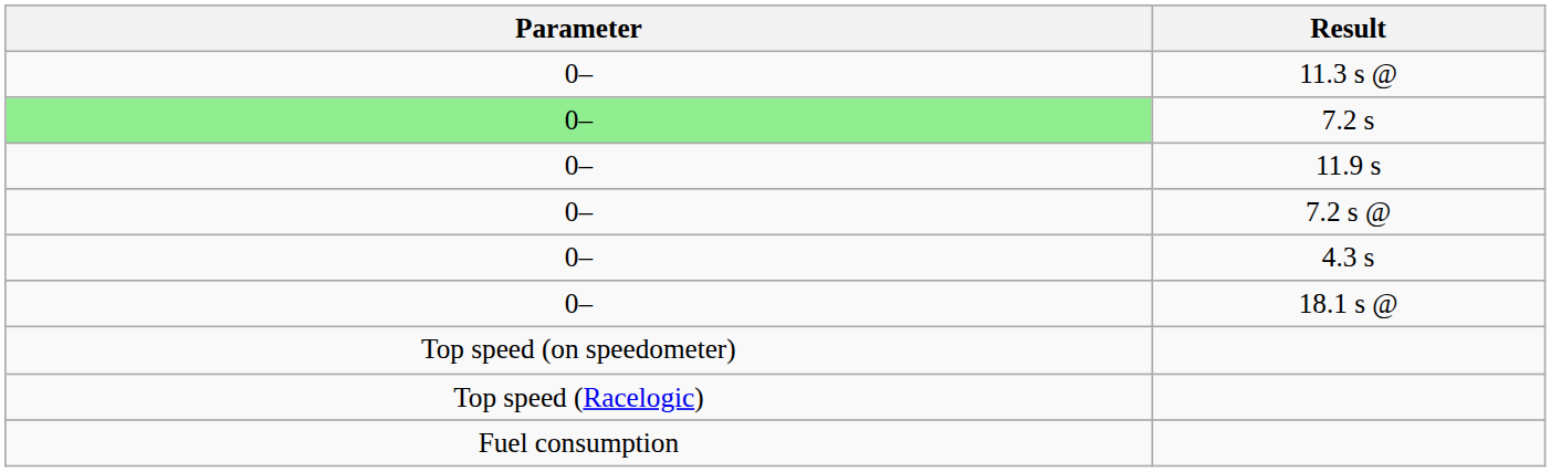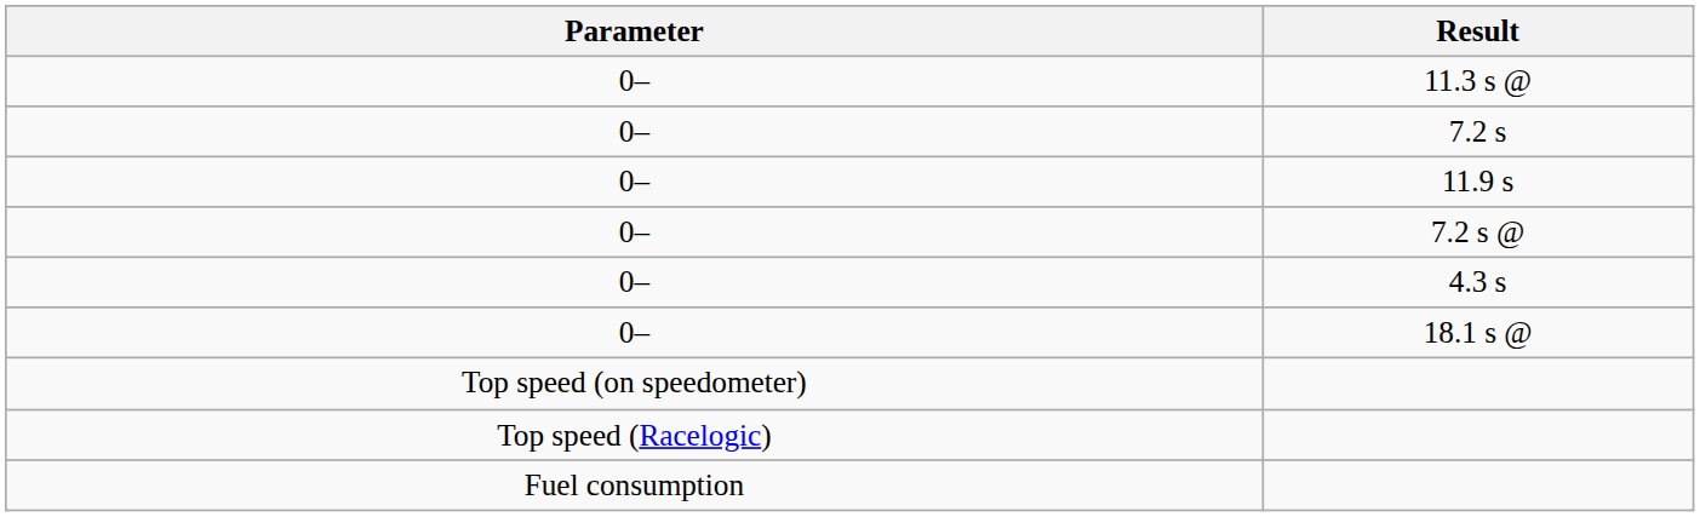 <table class="wikitable" style="width:95%; text-align:center; font-size: 95%;">
 <tr>
 <th>Parameter</th>
 <th>Result</th>
 </tr>
 <tr>
 <td>0–</td>
 <td>11.3 s @ </td>
 </tr>
 <tr>
-<td style="background: lightgreen;">0–</td>
+<td>0–</td>
 <td>7.2 s</td>
 </tr>
 <tr>
 <td>0–</td>
 <td>11.9 s</td>
 </tr>
 <tr>
 <td>0–</td>
 <td>7.2 s @ </td>
 </tr>
 <tr>
 <td>0–</td>
 <td>4.3 s</td>
 </tr>
 <tr>
 <td>0–</td>
 <td>18.1 s @ </td>
 </tr>
 <tr>
 <td>Top speed (on speedometer)</td>
 <td></td>
 </tr>
 <tr>
 <td>Top speed (<a href='#'>Racelogic</a>)</td>
 <td></td>
 </tr>
 <tr>
 <td>Fuel consumption</td>
 <td></td>
 </tr>
 </table>
